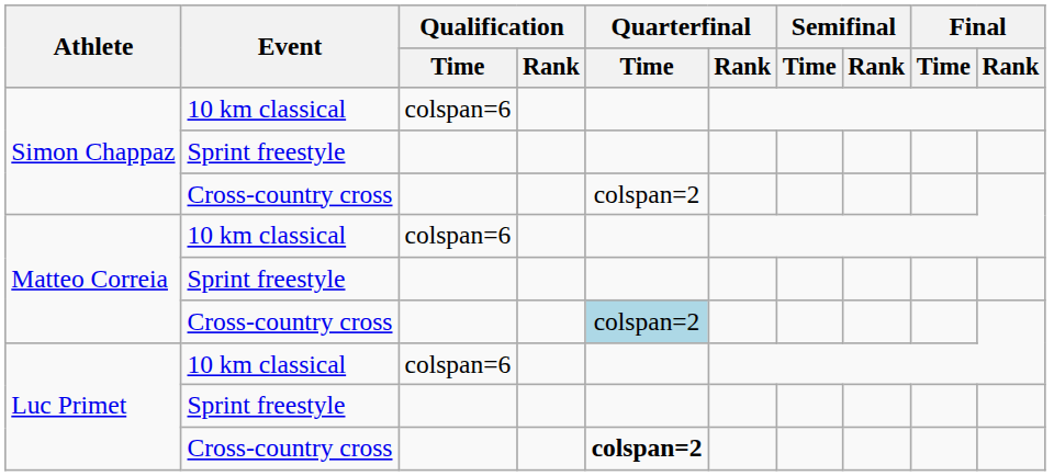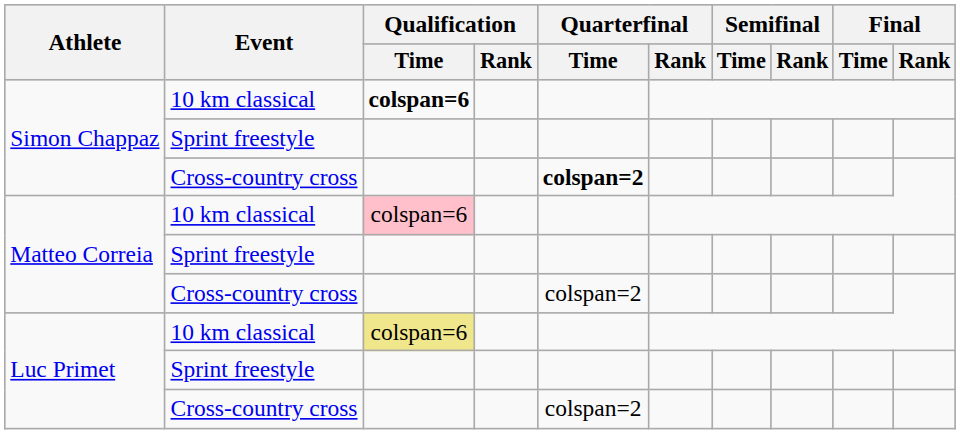 <table class="wikitable" style="font-size:90%; text-align:center;">
 <tr>
 <th rowspan=2>Athlete</th>
 <th rowspan=2>Event</th>
 <th colspan=2>Qualification</th>
 <th colspan=2>Quarterfinal</th>
 <th colspan=2>Semifinal</th>
 <th colspan=2>Final</th>
 </tr>
 <tr style="font-size:95%">
 <th>Time</th>
 <th>Rank</th>
 <th>Time</th>
 <th>Rank</th>
 <th>Time</th>
 <th>Rank</th>
 <th>Time</th>
 <th>Rank</th>
 </tr>
 <tr>
 <td align=left rowspan=3><a href='#'>Simon Chappaz</a></td>
 <td align=left><a href='#'>10 km classical</a></td>
-<td>colspan=6 </td>
+<td><strong>colspan=6 </strong></td>
+<td></td>
+<td></td>
+</tr>
+<tr>
+<td align=left><a href='#'>Sprint freestyle</a></td>
+<td></td>
+<td></td>
+<td></td>
+<td></td>
+<td></td>
+<td></td>
+<td></td>
+<td></td>
+</tr>
+<tr>
+<td align=left><a href='#'>Cross-country cross</a></td>
+<td></td>
+<td></td>
+<td><strong>colspan=2 </strong></td>
+<td></td>
+<td></td>
+<td></td>
+<td></td>
+</tr>
+<tr>
+<td align=left rowspan=3><a href='#'>Matteo Correia</a></td>
+<td align=left><a href='#'>10 km classical</a></td>
+<td style="background: pink;">colspan=6 </td>
 <td></td>
 <td></td>
 </tr>
 <tr>
 <td align=left><a href='#'>Sprint freestyle</a></td>
 <td></td>
 <td></td>
 <td></td>
 <td></td>
 <td></td>
 <td></td>
 <td></td>
 <td></td>
 </tr>
 <tr>
 <td align=left><a href='#'>Cross-country cross</a></td>
 <td></td>
 <td></td>
 <td>colspan=2 </td>
 <td></td>
 <td></td>
 <td></td>
 <td></td>
 </tr>
 <tr>
-<td align=left rowspan=3><a href='#'>Matteo Correia</a></td>
+<td align=left rowspan=3><a href='#'>Luc Primet</a></td>
 <td align=left><a href='#'>10 km classical</a></td>
-<td>colspan=6 </td>
+<td style="background: khaki;">colspan=6 </td>
 <td></td>
 <td></td>
 </tr>
 <tr>
 <td align=left><a href='#'>Sprint freestyle</a></td>
 <td></td>
 <td></td>
 <td></td>
 <td></td>
 <td></td>
 <td></td>
 <td></td>
 <td></td>
 </tr>
 <tr>
 <td align=left><a href='#'>Cross-country cross</a></td>
 <td></td>
 <td></td>
-<td style="background: lightblue;">colspan=2 </td>
-<td></td>
-<td></td>
-<td></td>
-<td></td>
-</tr>
-<tr>
-<td align=left rowspan=3><a href='#'>Luc Primet</a></td>
-<td align=left><a href='#'>10 km classical</a></td>
-<td>colspan=6 </td>
-<td></td>
-<td></td>
-</tr>
-<tr>
-<td align=left><a href='#'>Sprint freestyle</a></td>
-<td></td>
-<td></td>
-<td></td>
-<td></td>
-<td></td>
-<td></td>
-<td></td>
-<td></td>
-</tr>
-<tr>
-<td align=left><a href='#'>Cross-country cross</a></td>
-<td></td>
-<td></td>
-<td><strong>colspan=2 </strong></td>
+<td>colspan=2 </td>
 <td></td>
 <td></td>
 <td></td>
 <td></td>
 </tr>
 </table>
